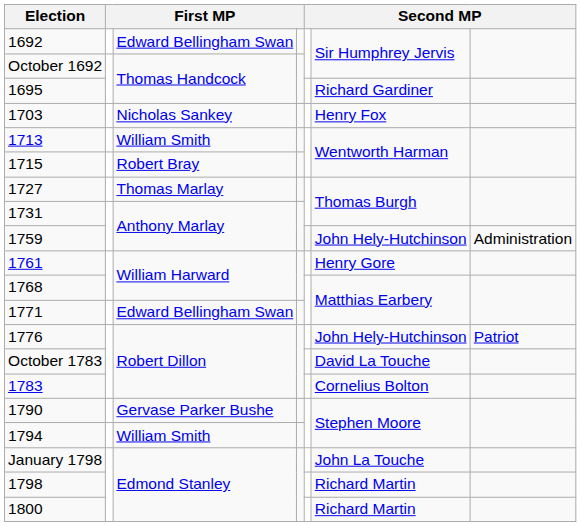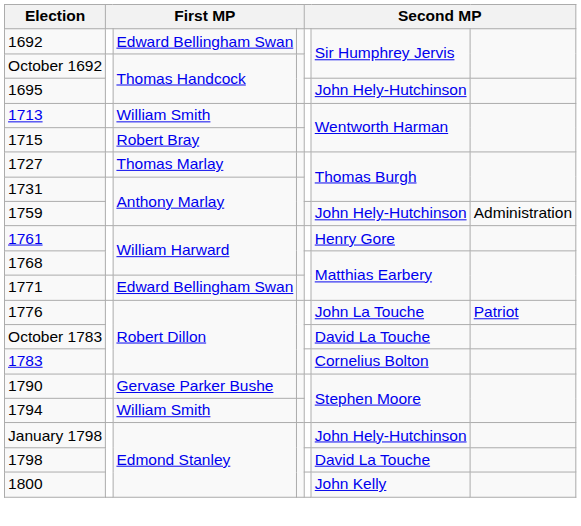 <table class="wikitable">
 <tr>
 <th>Election</th>
 <th colspan=3>First MP</th>
 <th colspan=3>Second MP</th>
 </tr>
 <tr>
 <td>1692</td>
 <td style="background-color: white"></td>
 <td><a href='#'>Edward Bellingham Swan</a></td>
 <td></td>
 <td rowspan="2" style="background-color: white"></td>
 <td rowspan="2"><a href='#'>Sir Humphrey Jervis</a> </td>
 <td rowspan="2"></td>
 </tr>
 <tr>
 <td>October 1692</td>
 <td rowspan="2" style="background-color: white"></td>
 <td rowspan="2"><a href='#'>Thomas Handcock</a></td>
 <td rowspan="2"></td>
 </tr>
 <tr>
 <td>1695</td>
 <td style="background-color: white"></td>
-<td><a href='#'>Richard Gardiner</a></td>
-<td></td>
-</tr>
-<tr>
-<td>1703</td>
-<td style="background-color: white"></td>
-<td><a href='#'>Nicholas Sankey</a></td>
-<td></td>
-<td style="background-color: white"></td>
-<td><a href='#'>Henry Fox</a></td>
+<td><a href='#'>John Hely-Hutchinson</a></td>
 <td></td>
 </tr>
 <tr>
 <td><a href='#'>1713</a></td>
 <td style="background-color: white"></td>
 <td><a href='#'>William Smith</a></td>
 <td></td>
 <td rowspan="2" style="background-color: white"></td>
 <td rowspan="2"><a href='#'>Wentworth Harman</a></td>
 <td rowspan="2"></td>
 </tr>
 <tr>
 <td>1715</td>
 <td style="background-color: white"></td>
 <td><a href='#'>Robert Bray</a></td>
 <td></td>
 </tr>
 <tr>
 <td>1727</td>
 <td style="background-color: white"></td>
 <td><a href='#'>Thomas Marlay</a></td>
 <td></td>
 <td rowspan="2" style="background-color: white"></td>
 <td rowspan="2"><a href='#'>Thomas Burgh</a></td>
 <td rowspan="2"></td>
 </tr>
 <tr>
 <td>1731</td>
 <td rowspan="2" style="background-color: white"></td>
 <td rowspan="2"><a href='#'>Anthony Marlay</a></td>
 <td rowspan="2"></td>
 </tr>
 <tr>
 <td>1759</td>
 <td style="background-color: "></td>
 <td><a href='#'>John Hely-Hutchinson</a></td>
 <td>Administration</td>
 </tr>
 <tr>
 <td><a href='#'>1761</a></td>
 <td rowspan="2" style="background-color: white"></td>
 <td rowspan="2"><a href='#'>William Harward</a></td>
 <td rowspan="2"></td>
 <td style="background-color: white"></td>
 <td><a href='#'>Henry Gore</a></td>
 <td></td>
 </tr>
 <tr>
 <td>1768</td>
 <td rowspan="2" style="background-color: white"></td>
 <td rowspan="2"><a href='#'>Matthias Earbery</a></td>
 <td rowspan="2"></td>
 </tr>
 <tr>
 <td>1771</td>
 <td style="background-color: white"></td>
 <td><a href='#'>Edward Bellingham Swan</a></td>
 <td></td>
 </tr>
 <tr>
 <td>1776</td>
 <td rowspan="3" style="background-color: white"></td>
 <td rowspan="3"><a href='#'>Robert Dillon</a></td>
 <td rowspan="3"></td>
 <td style="background-color: white"></td>
-<td><a href='#'>John Hely-Hutchinson</a></td>
+<td><a href='#'>John La Touche</a></td>
 <td><a href='#'>Patriot</a></td>
 </tr>
 <tr>
 <td>October 1783</td>
 <td style="background-color: white"></td>
 <td><a href='#'>David La Touche</a></td>
 <td></td>
 </tr>
 <tr>
 <td><a href='#'>1783</a></td>
 <td style="background-color: white"></td>
 <td><a href='#'>Cornelius Bolton</a></td>
 <td></td>
 </tr>
 <tr>
 <td>1790</td>
 <td style="background-color: white"></td>
 <td><a href='#'>Gervase Parker Bushe</a></td>
 <td></td>
 <td rowspan="2" style="background-color: white"></td>
 <td rowspan="2"><a href='#'>Stephen Moore</a></td>
 <td rowspan="2"></td>
 </tr>
 <tr>
 <td>1794</td>
 <td style="background-color: white"></td>
 <td><a href='#'>William Smith</a></td>
 <td></td>
 </tr>
 <tr>
 <td>January 1798</td>
 <td rowspan="3" style="background-color: white"></td>
 <td rowspan="3"><a href='#'>Edmond Stanley</a></td>
 <td rowspan="3"></td>
 <td style="background-color: white"></td>
-<td><a href='#'>John La Touche</a></td>
+<td><a href='#'>John Hely-Hutchinson</a></td>
 <td></td>
 </tr>
 <tr>
 <td>1798</td>
 <td style="background-color: white"></td>
-<td><a href='#'>Richard Martin</a></td>
+<td><a href='#'>David La Touche</a></td>
 <td></td>
 </tr>
 <tr>
 <td>1800</td>
 <td style="background-color: white"></td>
-<td><a href='#'>Richard Martin</a></td>
+<td><a href='#'>John Kelly</a></td>
 <td></td>
 </tr>
 </table>
